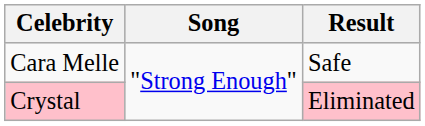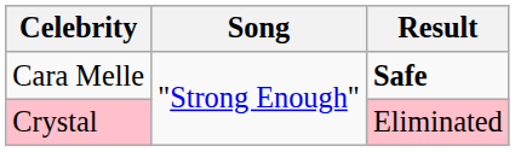 <table class="wikitable sortable collapsed">
 <tr>
 <th>Celebrity</th>
 <th>Song</th>
 <th>Result</th>
 </tr>
 <tr>
 <td>Cara Melle</td>
 <td rowspan=2>"<a href='#'>Strong Enough</a>"</td>
-<td>Safe</td>
+<td><strong>Safe</strong></td>
 </tr>
 <tr>
 <td style="background:pink;">Crystal</td>
 <td style="background:pink;">Eliminated</td>
 </tr>
 </table>
